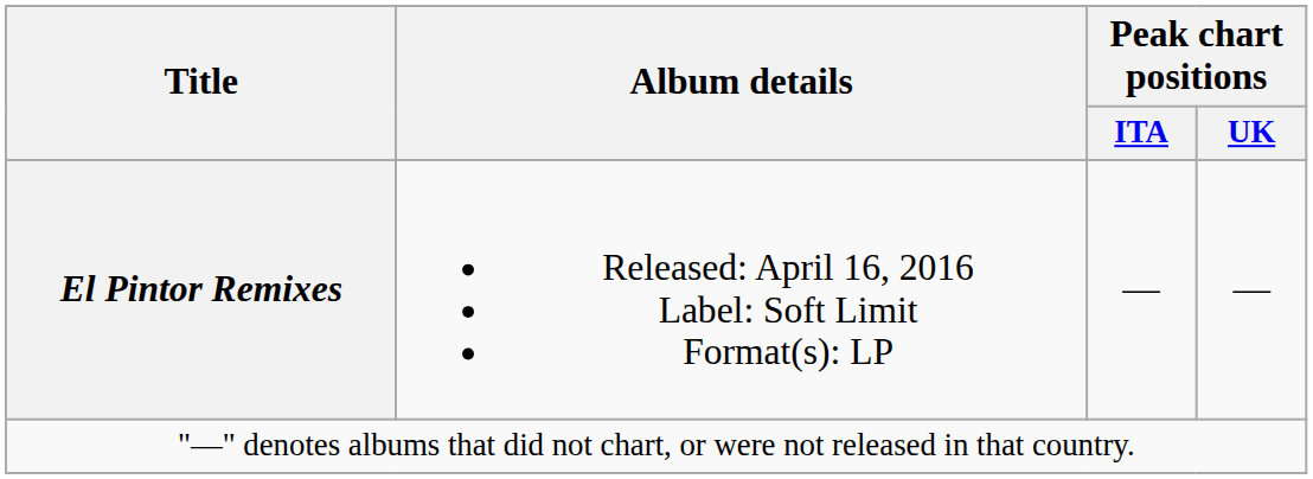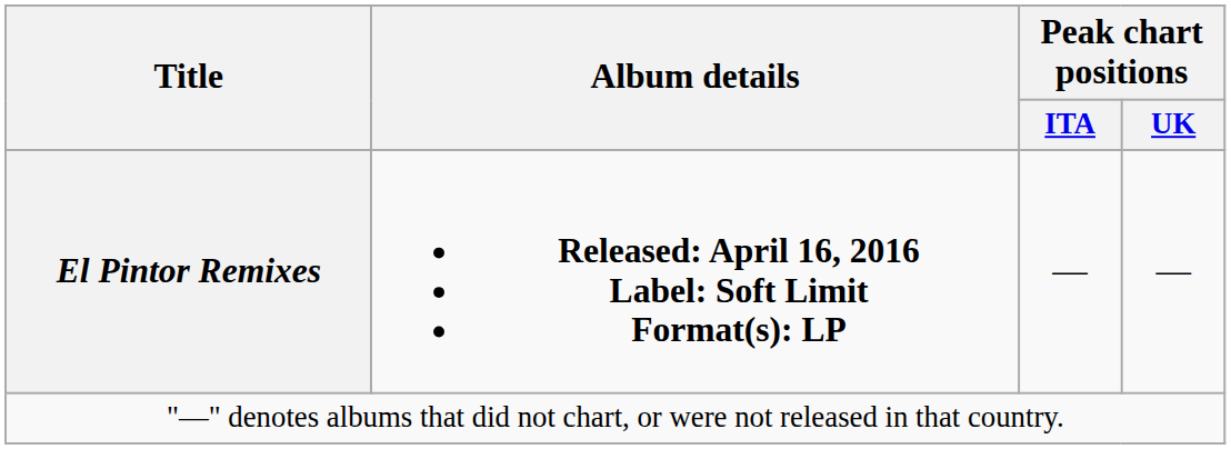 <table class="wikitable plainrowheaders" style="text-align:center;">
 <tr>
 <th scope="col" rowspan="2" style="width:10em;">Title</th>
 <th scope="col" rowspan="2" style="width:18em;">Album details</th>
 <th scope="col" colspan="2">Peak chart positions</th>
 </tr>
 <tr>
 <th style="width:3em;font-size:85%"><a href='#'>ITA</a><br></th>
 <th style="width:3em;font-size:85%;"><a href='#'>UK</a><br></th>
 </tr>
 <tr>
 <th scope="row"><em>El Pintor Remixes</em></th>
-<td><br><ul><li>Released: April 16, 2016</li><li>Label: Soft Limit</li><li>Format(s): LP</li></ul></td>
+<td><strong><br><ul><li>Released: April 16, 2016</li><li>Label: Soft Limit</li><li>Format(s): LP</li></ul></strong></td>
 <td>—</td>
 <td>—</td>
 </tr>
 <tr>
 <td colspan="10" style="font-size:85%;">"—" denotes albums that did not chart, or were not released in that country.</td>
 </tr>
 </table>
